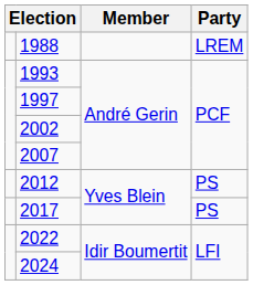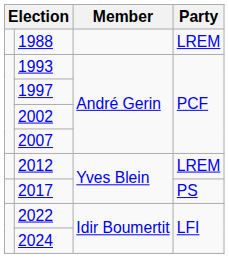 <table class="wikitable">
 <tr>
 <th colspan=2>Election</th>
 <th>Member</th>
 <th>Party</th>
 </tr>
 <tr>
 <td style="background-color: "></td>
 <td><a href='#'>1988</a></td>
 <td></td>
 <td><a href='#'>LREM</a></td>
 </tr>
 <tr>
 <td rowspan="4" style="background-color: "></td>
 <td><a href='#'>1993</a></td>
 <td rowspan="4"><a href='#'>André Gerin</a></td>
 <td rowspan="4"><a href='#'>PCF</a></td>
 </tr>
 <tr>
 <td><a href='#'>1997</a></td>
 </tr>
 <tr>
 <td><a href='#'>2002</a></td>
 </tr>
 <tr>
 <td><a href='#'>2007</a></td>
 </tr>
 <tr>
 <td style="background-color: "></td>
 <td><a href='#'>2012</a></td>
 <td rowspan="2"><a href='#'>Yves Blein</a></td>
-<td><a href='#'>PS</a></td>
+<td><a href='#'>LREM</a></td>
 </tr>
 <tr>
 <td style="background-color: "></td>
 <td><a href='#'>2017</a></td>
 <td><a href='#'>PS</a></td>
 </tr>
 <tr>
 <td rowspan="2" style="background-color: "></td>
 <td><a href='#'>2022</a></td>
 <td rowspan="2"><a href='#'>Idir Boumertit</a></td>
 <td rowspan="2"><a href='#'>LFI</a></td>
 </tr>
 <tr>
 <td><a href='#'>2024</a></td>
 </tr>
 </table>
